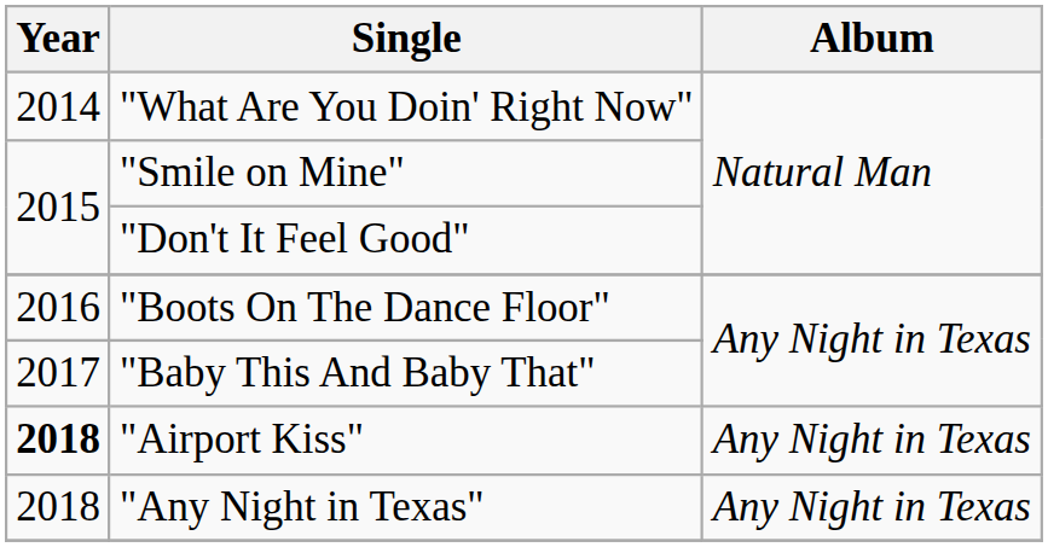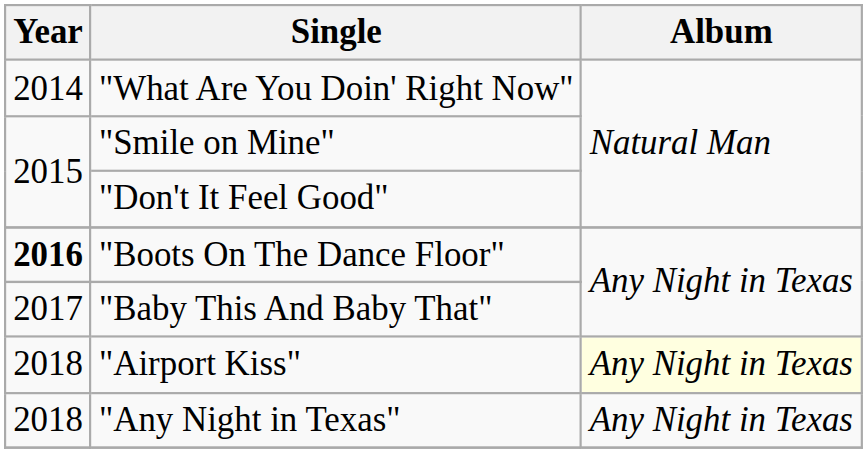 <table class="wikitable">
 <tr>
 <th>Year</th>
 <th>Single</th>
 <th>Album</th>
 </tr>
 <tr>
 <td>2014</td>
 <td>"What Are You Doin' Right Now"</td>
 <td rowspan="3"><em>Natural Man</em></td>
 </tr>
 <tr>
 <td rowspan="2">2015</td>
 <td>"Smile on Mine"</td>
 </tr>
 <tr>
 <td>"Don't It Feel Good"</td>
 </tr>
 <tr>
 </tr>
 <tr "Singin' Thing">
-<td>2016</td>
+<td><strong>2016</strong></td>
 <td>"Boots On The Dance Floor"</td>
 <td rowspan="3"><em>Any Night in Texas</em></td>
 </tr>
 <tr>
 </tr>
 <tr>
 <td>2017</td>
 <td>"Baby This And Baby That"</td>
 </tr>
 <tr>
-<td><strong>2018</strong></td>
+<td>2018</td>
 <td>"Airport Kiss"</td>
-<td><em>Any Night in Texas</em></td>
+<td style="background: lightyellow;"><em>Any Night in Texas</em></td>
 </tr>
 <tr>
 <td>2018</td>
 <td>"Any Night in Texas"</td>
 <td><em>Any Night in Texas</em></td>
 </tr>
 <tr>
 </tr>
 </table>
